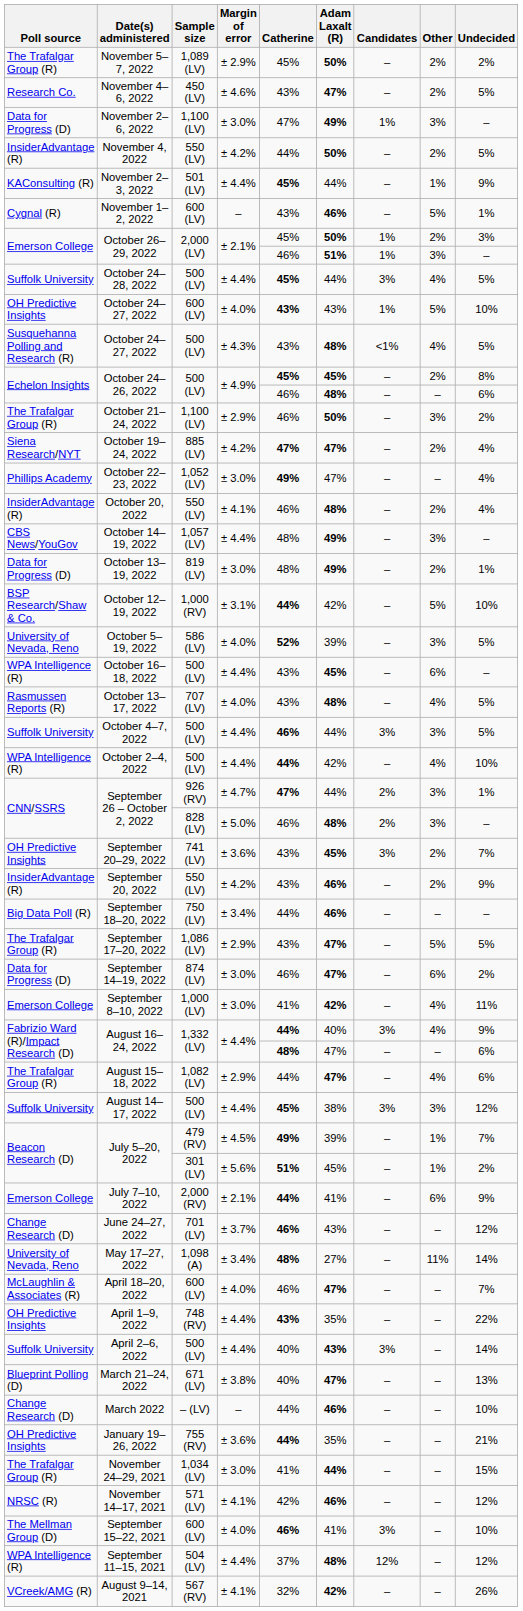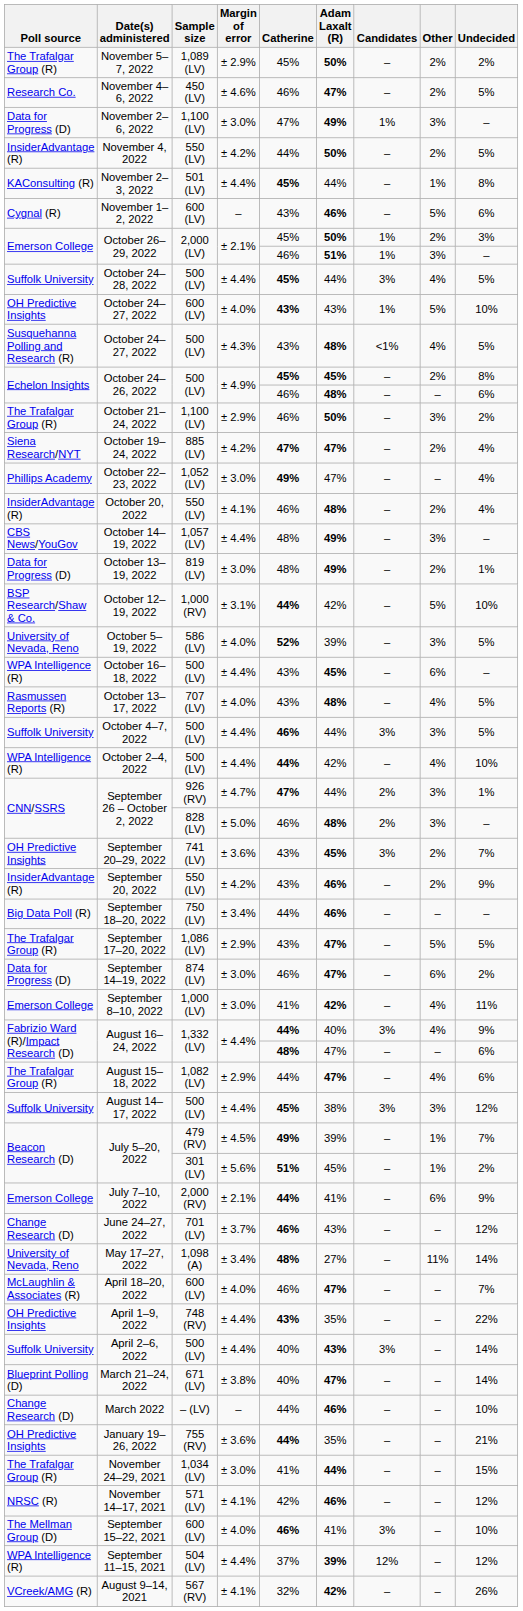 <table class="wikitable" style="font-size:90%;text-align:center;">
 <tr valign=bottom>
 <th>Poll source</th>
 <th>Date(s)<br>administered</th>
 <th>Sample<br>size</th>
 <th>Margin<br>of error</th>
 <th style="width:100px;">Catherine<br></th>
 <th style="width:100px;">Adam<br>Laxalt (R)</th>
 <th><br>Candidates</th>
 <th>Other</th>
 <th>Undecided</th>
 </tr>
 <tr>
 <td style="text-align:left;"><a href='#'>The Trafalgar Group</a> (R)</td>
 <td>November 5–7, 2022</td>
 <td>1,089 (LV)</td>
 <td>± 2.9%</td>
 <td>45%</td>
 <td><strong>50%</strong></td>
 <td>–</td>
 <td>2%</td>
 <td>2%</td>
 </tr>
 <tr>
 <td style="text-align:left;"><a href='#'>Research Co.</a></td>
 <td>November 4–6, 2022</td>
 <td>450 (LV)</td>
 <td>± 4.6%</td>
-<td>43%</td>
+<td>46%</td>
 <td><strong>47%</strong></td>
 <td>–</td>
 <td>2%</td>
 <td>5%</td>
 </tr>
 <tr>
 <td style="text-align:left;"><a href='#'>Data for Progress</a> (D)</td>
 <td>November 2–6, 2022</td>
 <td>1,100 (LV)</td>
 <td>± 3.0%</td>
 <td>47%</td>
 <td><strong>49%</strong></td>
 <td>1%</td>
 <td>3%</td>
 <td>–</td>
 </tr>
 <tr>
 <td style="text-align:left;"><a href='#'>InsiderAdvantage</a> (R)</td>
 <td>November 4, 2022</td>
 <td>550 (LV)</td>
 <td>± 4.2%</td>
 <td>44%</td>
 <td><strong>50%</strong></td>
 <td>–</td>
 <td>2%</td>
 <td>5%</td>
 </tr>
 <tr>
 <td style="text-align:left;"><a href='#'>KAConsulting</a> (R)</td>
 <td>November 2–3, 2022</td>
 <td>501 (LV)</td>
 <td>± 4.4%</td>
 <td><strong>45%</strong></td>
 <td>44%</td>
 <td>–</td>
 <td>1%</td>
-<td>9%</td>
+<td>8%</td>
 </tr>
 <tr>
 <td style="text-align:left;"><a href='#'>Cygnal</a> (R)</td>
 <td>November 1–2, 2022</td>
 <td>600 (LV)</td>
 <td>–</td>
 <td>43%</td>
 <td><strong>46%</strong></td>
 <td>–</td>
 <td>5%</td>
-<td>1%</td>
+<td>6%</td>
 </tr>
 <tr>
 <td style="text-align:left;" rowspan="2"><a href='#'>Emerson College</a></td>
 <td rowspan="2">October 26–29, 2022</td>
 <td rowspan="2">2,000 (LV)</td>
 <td rowspan="2">± 2.1%</td>
 <td>45%</td>
 <td><strong>50%</strong></td>
 <td>1%</td>
 <td>2%</td>
 <td>3%</td>
 </tr>
 <tr>
 <td>46%</td>
 <td><strong>51%</strong></td>
 <td>1%</td>
 <td>3%</td>
 <td>–</td>
 </tr>
 <tr>
 <td style="text-align:left;"><a href='#'>Suffolk University</a></td>
 <td>October 24–28, 2022</td>
 <td>500 (LV)</td>
 <td>± 4.4%</td>
 <td><strong>45%</strong></td>
 <td>44%</td>
 <td>3%</td>
 <td>4%</td>
 <td>5%</td>
 </tr>
 <tr>
 <td style="text-align:left;"><a href='#'>OH Predictive Insights</a></td>
 <td>October 24–27, 2022</td>
 <td>600 (LV)</td>
 <td>± 4.0%</td>
 <td><strong>43%</strong></td>
 <td>43%</td>
 <td>1%</td>
 <td>5%</td>
 <td>10%</td>
 </tr>
 <tr>
 <td style="text-align:left;"><a href='#'>Susquehanna Polling and Research</a> (R)</td>
 <td>October 24–27, 2022</td>
 <td>500 (LV)</td>
 <td>± 4.3%</td>
 <td>43%</td>
 <td><strong>48%</strong></td>
 <td><1%</td>
 <td>4%</td>
 <td>5%</td>
 </tr>
 <tr>
 <td style="text-align:left;" rowspan="2"><a href='#'>Echelon Insights</a></td>
 <td rowspan="2">October 24–26, 2022</td>
 <td rowspan="2">500 (LV)</td>
 <td rowspan="2">± 4.9%</td>
 <td><strong>45%</strong></td>
 <td><strong>45%</strong></td>
 <td>–</td>
 <td>2%</td>
 <td>8%</td>
 </tr>
 <tr>
 <td>46%</td>
 <td><strong>48%</strong></td>
 <td>–</td>
 <td>–</td>
 <td>6%</td>
 </tr>
 <tr>
 <td style="text-align:left;"><a href='#'>The Trafalgar Group</a> (R)</td>
 <td>October 21–24, 2022</td>
 <td>1,100 (LV)</td>
 <td>± 2.9%</td>
 <td>46%</td>
 <td><strong>50%</strong></td>
 <td>–</td>
 <td>3%</td>
 <td>2%</td>
 </tr>
 <tr>
 <td style="text-align:left;"><a href='#'>Siena Research</a>/<a href='#'>NYT</a></td>
 <td>October 19–24, 2022</td>
 <td>885 (LV)</td>
 <td>± 4.2%</td>
 <td><strong>47%</strong></td>
 <td><strong>47%</strong></td>
 <td>–</td>
 <td>2%</td>
 <td>4%</td>
 </tr>
 <tr>
 <td style="text-align:left;"><a href='#'>Phillips Academy</a></td>
 <td>October 22–23, 2022</td>
 <td>1,052 (LV)</td>
 <td>± 3.0%</td>
 <td><strong>49%</strong></td>
 <td>47%</td>
 <td>–</td>
 <td>–</td>
 <td>4%</td>
 </tr>
 <tr>
 <td style="text-align:left;"><a href='#'>InsiderAdvantage</a> (R)</td>
 <td>October 20, 2022</td>
 <td>550 (LV)</td>
 <td>± 4.1%</td>
 <td>46%</td>
 <td><strong>48%</strong></td>
 <td>–</td>
 <td>2%</td>
 <td>4%</td>
 </tr>
 <tr>
 <td style="text-align:left;"><a href='#'>CBS News</a>/<a href='#'>YouGov</a></td>
 <td>October 14–19, 2022</td>
 <td>1,057 (LV)</td>
 <td>± 4.4%</td>
 <td>48%</td>
 <td><strong>49%</strong></td>
 <td>–</td>
 <td>3%</td>
 <td>–</td>
 </tr>
 <tr>
 <td style="text-align:left;"><a href='#'>Data for Progress</a> (D)</td>
 <td>October 13–19, 2022</td>
 <td>819 (LV)</td>
 <td>± 3.0%</td>
 <td>48%</td>
 <td><strong>49%</strong></td>
 <td>–</td>
 <td>2%</td>
 <td>1%</td>
 </tr>
 <tr>
 <td style="text-align:left;"><a href='#'>BSP Research</a>/<a href='#'>Shaw & Co.</a></td>
 <td>October 12–19, 2022</td>
 <td>1,000 (RV)</td>
 <td>± 3.1%</td>
 <td><strong>44%</strong></td>
 <td>42%</td>
 <td>–</td>
 <td>5%</td>
 <td>10%</td>
 </tr>
 <tr>
 <td style="text-align:left;"><a href='#'>University of Nevada, Reno</a></td>
 <td>October 5–19, 2022</td>
 <td>586 (LV)</td>
 <td>± 4.0%</td>
 <td><strong>52%</strong></td>
 <td>39%</td>
 <td>–</td>
 <td>3%</td>
 <td>5%</td>
 </tr>
 <tr>
 <td style="text-align:left;"><a href='#'>WPA Intelligence</a> (R)</td>
 <td>October 16–18, 2022</td>
 <td>500 (LV)</td>
 <td>± 4.4%</td>
 <td>43%</td>
 <td><strong>45%</strong></td>
 <td>–</td>
 <td>6%</td>
 <td>–</td>
 </tr>
 <tr>
 <td style="text-align:left;"><a href='#'>Rasmussen Reports</a> (R)</td>
 <td>October 13–17, 2022</td>
 <td>707 (LV)</td>
 <td>± 4.0%</td>
 <td>43%</td>
 <td><strong>48%</strong></td>
 <td>–</td>
 <td>4%</td>
 <td>5%</td>
 </tr>
 <tr>
 <td style="text-align:left;"><a href='#'>Suffolk University</a></td>
 <td>October 4–7, 2022</td>
 <td>500 (LV)</td>
 <td>± 4.4%</td>
 <td><strong>46%</strong></td>
 <td>44%</td>
 <td>3%</td>
 <td>3%</td>
 <td>5%</td>
 </tr>
 <tr>
 <td style="text-align:left;"><a href='#'>WPA Intelligence</a> (R)</td>
 <td>October 2–4, 2022</td>
 <td>500 (LV)</td>
 <td>± 4.4%</td>
 <td><strong>44%</strong></td>
 <td>42%</td>
 <td>–</td>
 <td>4%</td>
 <td>10%</td>
 </tr>
 <tr>
 <td style="text-align:left;" rowspan="2"><a href='#'>CNN</a>/<a href='#'>SSRS</a></td>
 <td rowspan="2">September 26 – October 2, 2022</td>
 <td>926 (RV)</td>
 <td>± 4.7%</td>
 <td><strong>47%</strong></td>
 <td>44%</td>
 <td>2%</td>
 <td>3%</td>
 <td>1%</td>
 </tr>
 <tr>
 <td>828 (LV)</td>
 <td>± 5.0%</td>
 <td>46%</td>
 <td><strong>48%</strong></td>
 <td>2%</td>
 <td>3%</td>
 <td>–</td>
 </tr>
 <tr>
 <td style="text-align:left;"><a href='#'>OH Predictive Insights</a></td>
 <td>September 20–29, 2022</td>
 <td>741 (LV)</td>
 <td>± 3.6%</td>
 <td>43%</td>
 <td><strong>45%</strong></td>
 <td>3%</td>
 <td>2%</td>
 <td>7%</td>
 </tr>
 <tr>
 <td style="text-align:left;"><a href='#'>InsiderAdvantage</a> (R)</td>
 <td>September 20, 2022</td>
 <td>550 (LV)</td>
 <td>± 4.2%</td>
 <td>43%</td>
 <td><strong>46%</strong></td>
 <td>–</td>
 <td>2%</td>
 <td>9%</td>
 </tr>
 <tr>
 <td style="text-align:left;"><a href='#'>Big Data Poll</a> (R)</td>
 <td>September 18–20, 2022</td>
 <td>750 (LV)</td>
 <td>± 3.4%</td>
 <td>44%</td>
 <td><strong>46%</strong></td>
 <td>–</td>
 <td>–</td>
 <td>–</td>
 </tr>
 <tr>
 <td style="text-align:left;'"><a href='#'>The Trafalgar Group</a> (R)</td>
 <td>September 17–20, 2022</td>
 <td>1,086 (LV)</td>
 <td>± 2.9%</td>
 <td>43%</td>
 <td><strong>47%</strong></td>
 <td>–</td>
 <td>5%</td>
 <td>5%</td>
 </tr>
 <tr>
 <td style="text-align:left;"><a href='#'>Data for Progress</a> (D)</td>
 <td>September 14–19, 2022</td>
 <td>874 (LV)</td>
 <td>± 3.0%</td>
 <td>46%</td>
 <td><strong>47%</strong></td>
 <td>–</td>
 <td>6%</td>
 <td>2%</td>
 </tr>
 <tr>
 <td style="text-align:left;"><a href='#'>Emerson College</a></td>
 <td>September 8–10, 2022</td>
 <td>1,000 (LV)</td>
 <td>± 3.0%</td>
 <td>41%</td>
 <td><strong>42%</strong></td>
 <td>–</td>
 <td>4%</td>
 <td>11%</td>
 </tr>
 <tr>
 <td style="text-align:left;" rowspan="2"><a href='#'>Fabrizio Ward</a> (R)/<a href='#'>Impact Research</a> (D)</td>
 <td rowspan="2">August 16–24, 2022</td>
 <td rowspan="2">1,332 (LV)</td>
 <td rowspan="2">± 4.4%</td>
 <td><strong>44%</strong></td>
 <td>40%</td>
 <td>3%</td>
 <td>4%</td>
 <td>9%</td>
 </tr>
 <tr>
 <td><strong>48%</strong></td>
 <td>47%</td>
 <td>–</td>
 <td>–</td>
 <td>6%</td>
 </tr>
 <tr>
 <td style="text-align:left;"><a href='#'>The Trafalgar Group</a> (R)</td>
 <td>August 15–18, 2022</td>
 <td>1,082 (LV)</td>
 <td>± 2.9%</td>
 <td>44%</td>
 <td><strong>47%</strong></td>
 <td>–</td>
 <td>4%</td>
 <td>6%</td>
 </tr>
 <tr>
 <td style="text-align:left;"><a href='#'>Suffolk University</a></td>
 <td>August 14–17, 2022</td>
 <td>500 (LV)</td>
 <td>± 4.4%</td>
 <td><strong>45%</strong></td>
 <td>38%</td>
 <td>3%</td>
 <td>3%</td>
 <td>12%</td>
 </tr>
 <tr>
 <td style="text-align:left;" rowspan="2"><a href='#'>Beacon Research</a> (D)</td>
 <td rowspan="2">July 5–20, 2022</td>
 <td>479 (RV)</td>
 <td>± 4.5%</td>
 <td><strong>49%</strong></td>
 <td>39%</td>
 <td>–</td>
 <td>1%</td>
 <td>7%</td>
 </tr>
 <tr>
 <td>301 (LV)</td>
 <td>± 5.6%</td>
 <td><strong>51%</strong></td>
 <td>45%</td>
 <td>–</td>
 <td>1%</td>
 <td>2%</td>
 </tr>
 <tr>
 <td style="text-align:left;"><a href='#'>Emerson College</a></td>
 <td>July 7–10, 2022</td>
 <td>2,000 (RV)</td>
 <td>± 2.1%</td>
 <td><strong>44%</strong></td>
 <td>41%</td>
 <td>–</td>
 <td>6%</td>
 <td>9%</td>
 </tr>
 <tr>
 <td style="text-align:left;"><a href='#'>Change Research</a> (D)</td>
 <td>June 24–27, 2022</td>
 <td>701 (LV)</td>
 <td>± 3.7%</td>
 <td><strong>46%</strong></td>
 <td>43%</td>
 <td>–</td>
 <td>–</td>
 <td>12%</td>
 </tr>
 <tr>
 <td style="text-align:left;"><a href='#'>University of Nevada, Reno</a></td>
 <td>May 17–27, 2022</td>
 <td>1,098 (A)</td>
 <td>± 3.4%</td>
 <td><strong>48%</strong></td>
 <td>27%</td>
 <td>–</td>
 <td>11%</td>
 <td>14%</td>
 </tr>
 <tr>
 <td style="text-align:left;"><a href='#'>McLaughlin & Associates</a> (R)</td>
 <td>April 18–20, 2022</td>
 <td>600 (LV)</td>
 <td>± 4.0%</td>
 <td>46%</td>
 <td><strong>47%</strong></td>
 <td>–</td>
 <td>–</td>
 <td>7%</td>
 </tr>
 <tr>
 <td style="text-align:left;"><a href='#'>OH Predictive Insights</a></td>
 <td>April 1–9, 2022</td>
 <td>748 (RV)</td>
 <td>± 4.4%</td>
 <td><strong>43%</strong></td>
 <td>35%</td>
 <td>–</td>
 <td>–</td>
 <td>22%</td>
 </tr>
 <tr>
 <td style="text-align:left;"><a href='#'>Suffolk University</a></td>
 <td>April 2–6, 2022</td>
 <td>500 (LV)</td>
 <td>± 4.4%</td>
 <td>40%</td>
 <td><strong>43%</strong></td>
 <td>3%</td>
 <td>–</td>
 <td>14%</td>
 </tr>
 <tr>
 <td style="text-align:left;"><a href='#'>Blueprint Polling</a> (D)</td>
 <td>March 21–24, 2022</td>
 <td>671 (LV)</td>
 <td>± 3.8%</td>
 <td>40%</td>
 <td><strong>47%</strong></td>
 <td>–</td>
 <td>–</td>
-<td>13%</td>
+<td>14%</td>
 </tr>
 <tr>
 <td style="text-align:left;"><a href='#'>Change Research</a> (D)</td>
 <td>March 2022</td>
 <td>– (LV)</td>
 <td>–</td>
 <td>44%</td>
 <td><strong>46%</strong></td>
 <td>–</td>
 <td>–</td>
 <td>10%</td>
 </tr>
 <tr>
 <td style="text-align:left;"><a href='#'>OH Predictive Insights</a></td>
 <td>January 19–26, 2022</td>
 <td>755 (RV)</td>
 <td>± 3.6%</td>
 <td><strong>44%</strong></td>
 <td>35%</td>
 <td>–</td>
 <td>–</td>
 <td>21%</td>
 </tr>
 <tr>
 <td style="text-align:left;"><a href='#'>The Trafalgar Group</a> (R)</td>
 <td>November 24–29, 2021</td>
 <td>1,034 (LV)</td>
 <td>± 3.0%</td>
 <td>41%</td>
 <td><strong>44%</strong></td>
 <td>–</td>
 <td>–</td>
 <td>15%</td>
 </tr>
 <tr>
 <td style="text-align:left;"><a href='#'>NRSC</a> (R)</td>
 <td>November 14–17, 2021</td>
 <td>571 (LV)</td>
 <td>± 4.1%</td>
 <td>42%</td>
 <td><strong>46%</strong></td>
 <td>–</td>
 <td>–</td>
 <td>12%</td>
 </tr>
 <tr>
 <td style="text-align:left;"><a href='#'>The Mellman Group</a> (D)</td>
 <td>September 15–22, 2021</td>
 <td>600 (LV)</td>
 <td>± 4.0%</td>
 <td><strong>46%</strong></td>
 <td>41%</td>
 <td>3%</td>
 <td>–</td>
 <td>10%</td>
 </tr>
 <tr>
 <td style="text-align:left;"><a href='#'>WPA Intelligence</a> (R)</td>
 <td>September 11–15, 2021</td>
 <td>504 (LV)</td>
 <td>± 4.4%</td>
 <td>37%</td>
-<td><strong>48%</strong></td>
+<td><strong>39%</strong></td>
 <td>12%</td>
 <td>–</td>
 <td>12%</td>
 </tr>
 <tr>
 <td style="text-align:left;"><a href='#'>VCreek/AMG</a> (R)</td>
 <td>August 9–14, 2021</td>
 <td>567 (RV)</td>
 <td>± 4.1%</td>
 <td>32%</td>
 <td><strong>42%</strong></td>
 <td>–</td>
 <td>–</td>
 <td>26%</td>
 </tr>
 </table>
